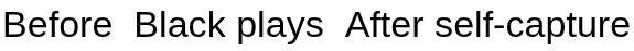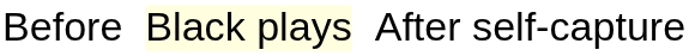 <table border="0" cellspacing="0" cellpadding="0">
 <tr valign="top">
 <td><br></td>
 <td>  </td>
 <td><br></td>
 <td>  </td>
 <td><br></td>
 </tr>
 <tr valign="top">
 <td>Before</td>
 <td>  </td>
-<td>Black plays</td>
+<td style="background: lightyellow;">Black plays</td>
 <td>  </td>
 <td>After self-capture</td>
 </tr>
 </table>
